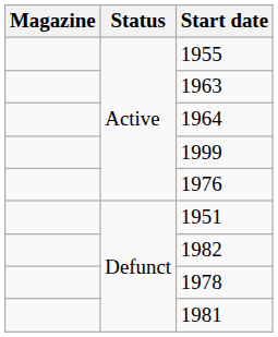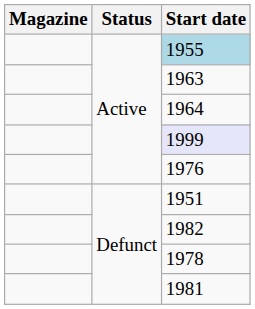 <table class="wikitable sortable">
 <tr>
 <th>Magazine</th>
 <th>Status</th>
 <th>Start date</th>
 </tr>
 <tr>
 <td></td>
 <td rowspan="5">Active</td>
-<td>1955</td>
+<td style="background: lightblue;">1955</td>
 </tr>
 <tr>
 <td></td>
 <td>1963</td>
 </tr>
 <tr>
 <td></td>
 <td>1964</td>
 </tr>
 <tr>
 <td></td>
-<td>1999</td>
+<td style="background: lavender;">1999</td>
 </tr>
 <tr>
 <td></td>
 <td>1976</td>
 </tr>
 <tr>
 <td></td>
 <td rowspan="4">Defunct</td>
 <td>1951</td>
 </tr>
 <tr>
 <td></td>
 <td>1982</td>
 </tr>
 <tr>
 <td></td>
 <td>1978</td>
 </tr>
 <tr>
 <td></td>
 <td>1981</td>
 </tr>
 </table>
